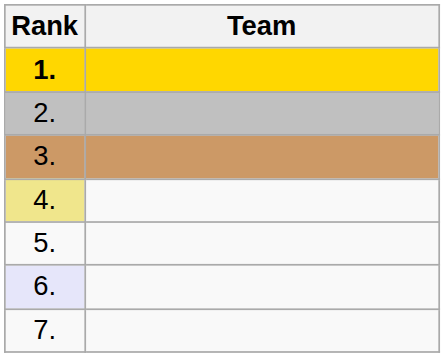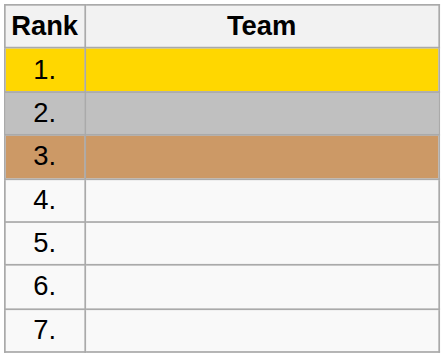 <table class="wikitable" style="border-collapse: collapse">
 <tr>
 <th>Rank</th>
 <th align="center" style="width:200px">Team</th>
 </tr>
 <tr bgcolor=gold>
-<td align="center"><strong>1.</strong></td>
+<td align="center">1.</td>
 <td></td>
 </tr>
 <tr bgcolor=silver>
 <td align="center">2.</td>
 <td></td>
 </tr>
 <tr bgcolor=#cc9966>
 <td align="center">3.</td>
 <td></td>
 </tr>
 <tr>
-<td align="center" style="background: khaki;">4.</td>
+<td align="center">4.</td>
 <td></td>
 </tr>
 <tr>
 <td align="center">5.</td>
 <td></td>
 </tr>
 <tr>
-<td align="center" style="background: lavender;">6.</td>
+<td align="center">6.</td>
 <td></td>
 </tr>
 <tr>
 <td align="center">7.</td>
 <td></td>
 </tr>
 </table>
